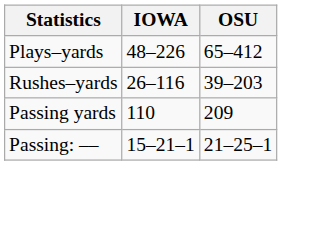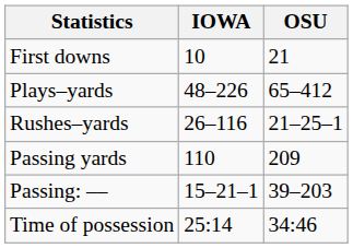 <table class="wikitable" style="float:left">
 <tr>
 <th>Statistics</th>
 <th>IOWA</th>
 <th>OSU</th>
+</tr>
+<tr>
+<td>First downs</td>
+<td>10</td>
+<td>21</td>
 </tr>
 <tr>
 <td>Plays–yards</td>
 <td>48–226</td>
 <td>65–412</td>
 </tr>
 <tr>
 <td>Rushes–yards</td>
 <td>26–116</td>
-<td>39–203</td>
+<td>21–25–1</td>
 </tr>
 <tr>
 <td>Passing yards</td>
 <td>110</td>
 <td>209</td>
 </tr>
 <tr>
 <td>Passing: ––</td>
 <td>15–21–1</td>
-<td>21–25–1</td>
+<td>39–203</td>
+</tr>
+<tr>
+<td>Time of possession</td>
+<td>25:14</td>
+<td>34:46</td>
 </tr>
 </table>
